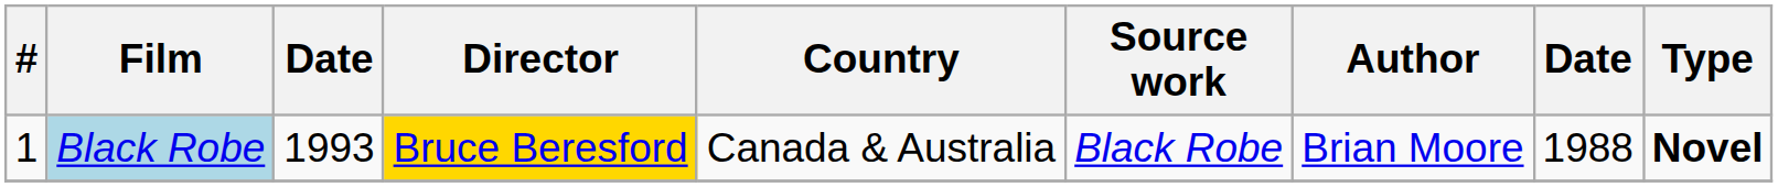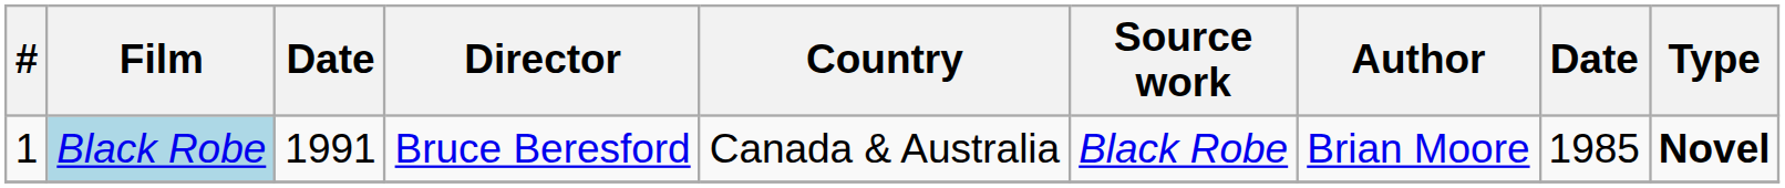 <table class="wikitable">
 <tr>
 <th>#</th>
 <th>Film</th>
 <th>Date</th>
 <th>Director</th>
 <th>Country</th>
 <th>Source<br>work</th>
 <th>Author</th>
 <th>Date</th>
 <th>Type</th>
 </tr>
 <tr>
 <td>1</td>
 <td style="background: lightblue;"><em><a href='#'>Black Robe</a></em></td>
-<td>1993</td>
-<td style="background: gold;"><a href='#'>Bruce Beresford</a></td>
+<td>1991</td>
+<td><a href='#'>Bruce Beresford</a></td>
 <td>Canada & Australia</td>
 <td><em><a href='#'>Black Robe</a></em></td>
 <td><a href='#'>Brian Moore</a></td>
-<td>1988</td>
+<td>1985</td>
 <td><strong>Novel</strong></td>
 </tr>
 <tr>
 </tr>
 </table>
